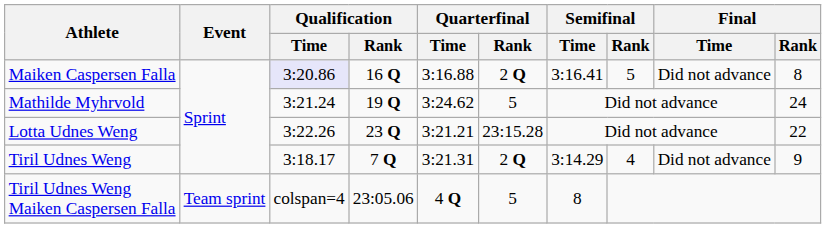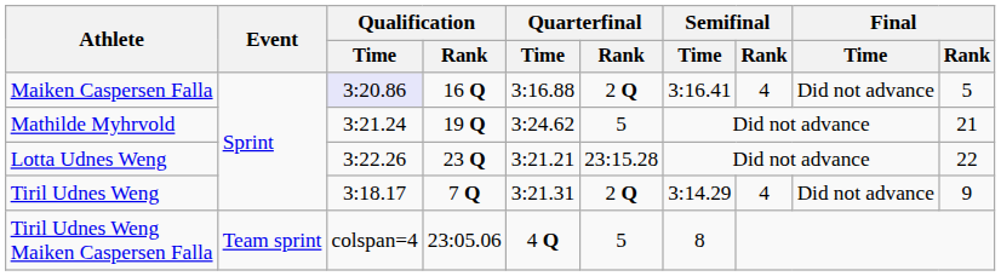 <table class=wikitable style="font-size:90%; text-align:center">
 <tr>
 <th rowspan=2>Athlete</th>
 <th rowspan=2>Event</th>
 <th colspan=2>Qualification</th>
 <th colspan=2>Quarterfinal</th>
 <th colspan=2>Semifinal</th>
 <th colspan=2>Final</th>
 </tr>
 <tr style=font-size:95%>
 <th>Time</th>
 <th>Rank</th>
 <th>Time</th>
 <th>Rank</th>
 <th>Time</th>
 <th>Rank</th>
 <th>Time</th>
 <th>Rank</th>
 </tr>
 <tr>
 <td align=left><a href='#'>Maiken Caspersen Falla</a></td>
 <td align=left rowspan=4><a href='#'>Sprint</a></td>
 <td style="background: lavender;">3:20.86</td>
 <td>16 <strong>Q</strong></td>
 <td>3:16.88</td>
 <td>2 <strong>Q</strong></td>
 <td>3:16.41</td>
+<td>4</td>
+<td>Did not advance</td>
 <td>5</td>
-<td>Did not advance</td>
-<td>8</td>
 </tr>
 <tr>
 <td align=left><a href='#'>Mathilde Myhrvold</a></td>
 <td>3:21.24</td>
 <td>19 <strong>Q</strong></td>
 <td>3:24.62</td>
 <td>5</td>
 <td colspan=3>Did not advance</td>
-<td>24</td>
+<td>21</td>
 </tr>
 <tr>
 <td align=left><a href='#'>Lotta Udnes Weng</a></td>
 <td>3:22.26</td>
 <td>23 <strong>Q</strong></td>
 <td>3:21.21</td>
 <td>23:15.28</td>
 <td colspan=3>Did not advance</td>
 <td>22</td>
 </tr>
 <tr>
 <td align=left><a href='#'>Tiril Udnes Weng</a></td>
 <td>3:18.17</td>
 <td>7 <strong>Q</strong></td>
 <td>3:21.31</td>
 <td>2 <strong>Q</strong></td>
 <td>3:14.29</td>
 <td>4</td>
 <td>Did not advance</td>
 <td>9</td>
 </tr>
 <tr>
 <td align=left><a href='#'>Tiril Udnes Weng</a> <br> <a href='#'>Maiken Caspersen Falla</a></td>
 <td align=left><a href='#'>Team sprint</a></td>
 <td>colspan=4 </td>
 <td>23:05.06</td>
 <td>4 <strong>Q</strong></td>
 <td>5</td>
 <td>8</td>
 </tr>
 </table>
